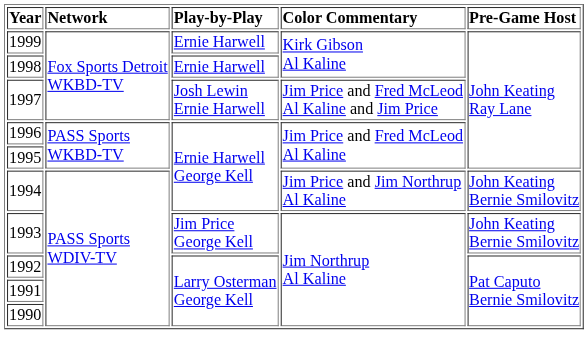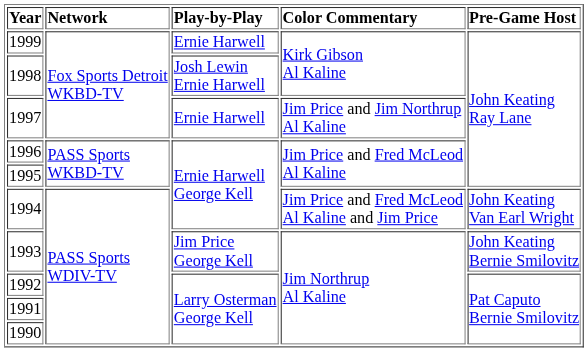 <table border="1" cellpadding="1">
 <tr>
 <td><strong>Year</strong></td>
 <td><strong>Network</strong></td>
 <td><strong>Play-by-Play</strong></td>
 <td><strong>Color Commentary</strong></td>
 <td><strong>Pre-Game Host</strong></td>
 </tr>
 <tr>
 <td>1999</td>
 <td rowspan=3><a href='#'>Fox Sports Detroit</a> <br> <a href='#'>WKBD-TV</a></td>
 <td><a href='#'>Ernie Harwell</a></td>
 <td rowspan=2><a href='#'>Kirk Gibson</a> <br> <a href='#'>Al Kaline</a></td>
 <td rowspan=5><a href='#'>John Keating</a> <br> <a href='#'>Ray Lane</a></td>
 </tr>
 <tr>
 <td>1998</td>
-<td><a href='#'>Ernie Harwell</a></td>
+<td><a href='#'>Josh Lewin</a> <br> <a href='#'>Ernie Harwell</a></td>
 </tr>
 <tr>
 <td>1997</td>
-<td><a href='#'>Josh Lewin</a> <br> <a href='#'>Ernie Harwell</a></td>
-<td><a href='#'>Jim Price</a> and <a href='#'>Fred McLeod</a> <br> <a href='#'>Al Kaline</a> and <a href='#'>Jim Price</a></td>
+<td><a href='#'>Ernie Harwell</a></td>
+<td><a href='#'>Jim Price</a> and <a href='#'>Jim Northrup</a> <br> <a href='#'>Al Kaline</a></td>
 </tr>
 <tr>
 <td>1996</td>
 <td rowspan=2><a href='#'>PASS Sports</a> <br> <a href='#'>WKBD-TV</a></td>
 <td rowspan=3><a href='#'>Ernie Harwell</a> <br> <a href='#'>George Kell</a></td>
 <td rowspan=2><a href='#'>Jim Price</a> and <a href='#'>Fred McLeod</a> <br> <a href='#'>Al Kaline</a></td>
 </tr>
 <tr>
 <td>1995</td>
 </tr>
 <tr>
 <td>1994</td>
 <td rowspan=5><a href='#'>PASS Sports</a> <br> <a href='#'>WDIV-TV</a></td>
-<td><a href='#'>Jim Price</a> and <a href='#'>Jim Northrup</a> <br> <a href='#'>Al Kaline</a></td>
-<td><a href='#'>John Keating</a> <br> <a href='#'>Bernie Smilovitz</a></td>
+<td><a href='#'>Jim Price</a> and <a href='#'>Fred McLeod</a> <br> <a href='#'>Al Kaline</a> and <a href='#'>Jim Price</a></td>
+<td><a href='#'>John Keating</a> <br> <a href='#'>Van Earl Wright</a></td>
 </tr>
 <tr>
 <td>1993</td>
 <td><a href='#'>Jim Price</a> <br> <a href='#'>George Kell</a></td>
 <td rowspan=4><a href='#'>Jim Northrup</a> <br> <a href='#'>Al Kaline</a></td>
 <td><a href='#'>John Keating</a> <br> <a href='#'>Bernie Smilovitz</a></td>
 </tr>
 <tr>
 <td>1992</td>
 <td rowspan=3><a href='#'>Larry Osterman</a> <br> <a href='#'>George Kell</a></td>
 <td rowspan=3><a href='#'>Pat Caputo</a> <br> <a href='#'>Bernie Smilovitz</a></td>
 </tr>
 <tr>
 <td>1991</td>
 </tr>
 <tr>
 <td>1990</td>
 </tr>
 </table>
